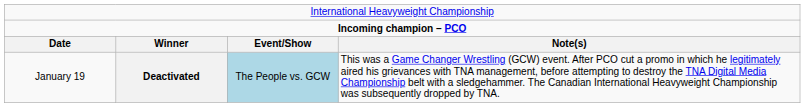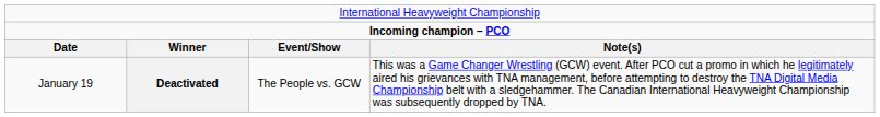 <table class="wikitable" style="text-align:center; width:100%;">
 <tr>
 <td colspan="4" style="text-align: center;"><a href='#'>International Heavyweight Championship</a></td>
 </tr>
 <tr>
 <td colspan="4" style="text-align: center;"><strong>Incoming champion – <a href='#'>PCO</a></strong></td>
 </tr>
 <tr>
 <th width="14%">Date</th>
 <th width="14%">Winner</th>
 <th width="14%">Event/Show</th>
 <th width="58%">Note(s)</th>
 </tr>
 <tr>
 <td>January 19</td>
 <th>Deactivated</th>
-<td style="background: lightblue;">The People vs. GCW</td>
+<td>The People vs. GCW</td>
 <td align=left>This was a <a href='#'>Game Changer Wrestling</a> (GCW) event. After PCO cut a promo in which he <a href='#'>legitimately</a> aired his grievances with TNA management, before attempting to destroy the <a href='#'>TNA Digital Media Championship</a> belt with a sledgehammer. The Canadian International Heavyweight Championship was subsequently dropped by TNA.</td>
 </tr>
 </table>
